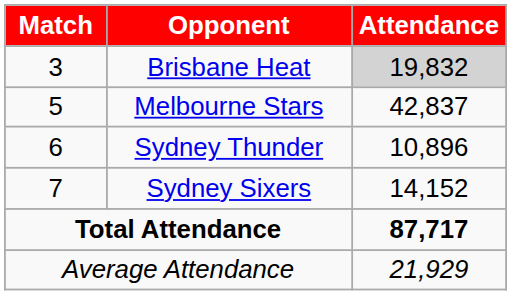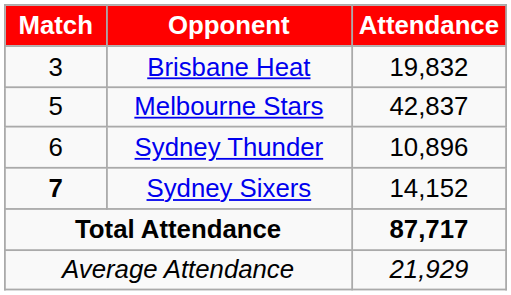 <table class="wikitable sortable" style="text-align:center; font-size:90%">
 <tr>
 <th style="width:50px; background:red; color:white; text-align:center;">Match</th>
 <th style="width:130px; background:red; color:white; text-align:center;" class="unsortable">Opponent</th>
 <th style="width:80px; background:red; color:white; text-align:center;">Attendance</th>
 </tr>
 <tr>
 <td>3</td>
 <td><a href='#'>Brisbane Heat</a></td>
-<td style="background: lightgrey;">19,832</td>
+<td>19,832</td>
 </tr>
 <tr>
 <td>5</td>
 <td><a href='#'>Melbourne Stars</a></td>
 <td>42,837</td>
 </tr>
 <tr>
 <td>6</td>
 <td><a href='#'>Sydney Thunder</a></td>
 <td>10,896</td>
 </tr>
 <tr>
-<td>7</td>
+<td><strong>7</strong></td>
 <td><a href='#'>Sydney Sixers</a></td>
 <td>14,152</td>
 </tr>
 <tr class="sortbottom">
 <td colspan="2"><strong>Total Attendance</strong></td>
 <td><strong>87,717</strong></td>
 </tr>
 <tr class="sortbottom">
 <td colspan="2"><em>Average Attendance</em></td>
 <td><em>21,929</em></td>
 </tr>
 </table>
